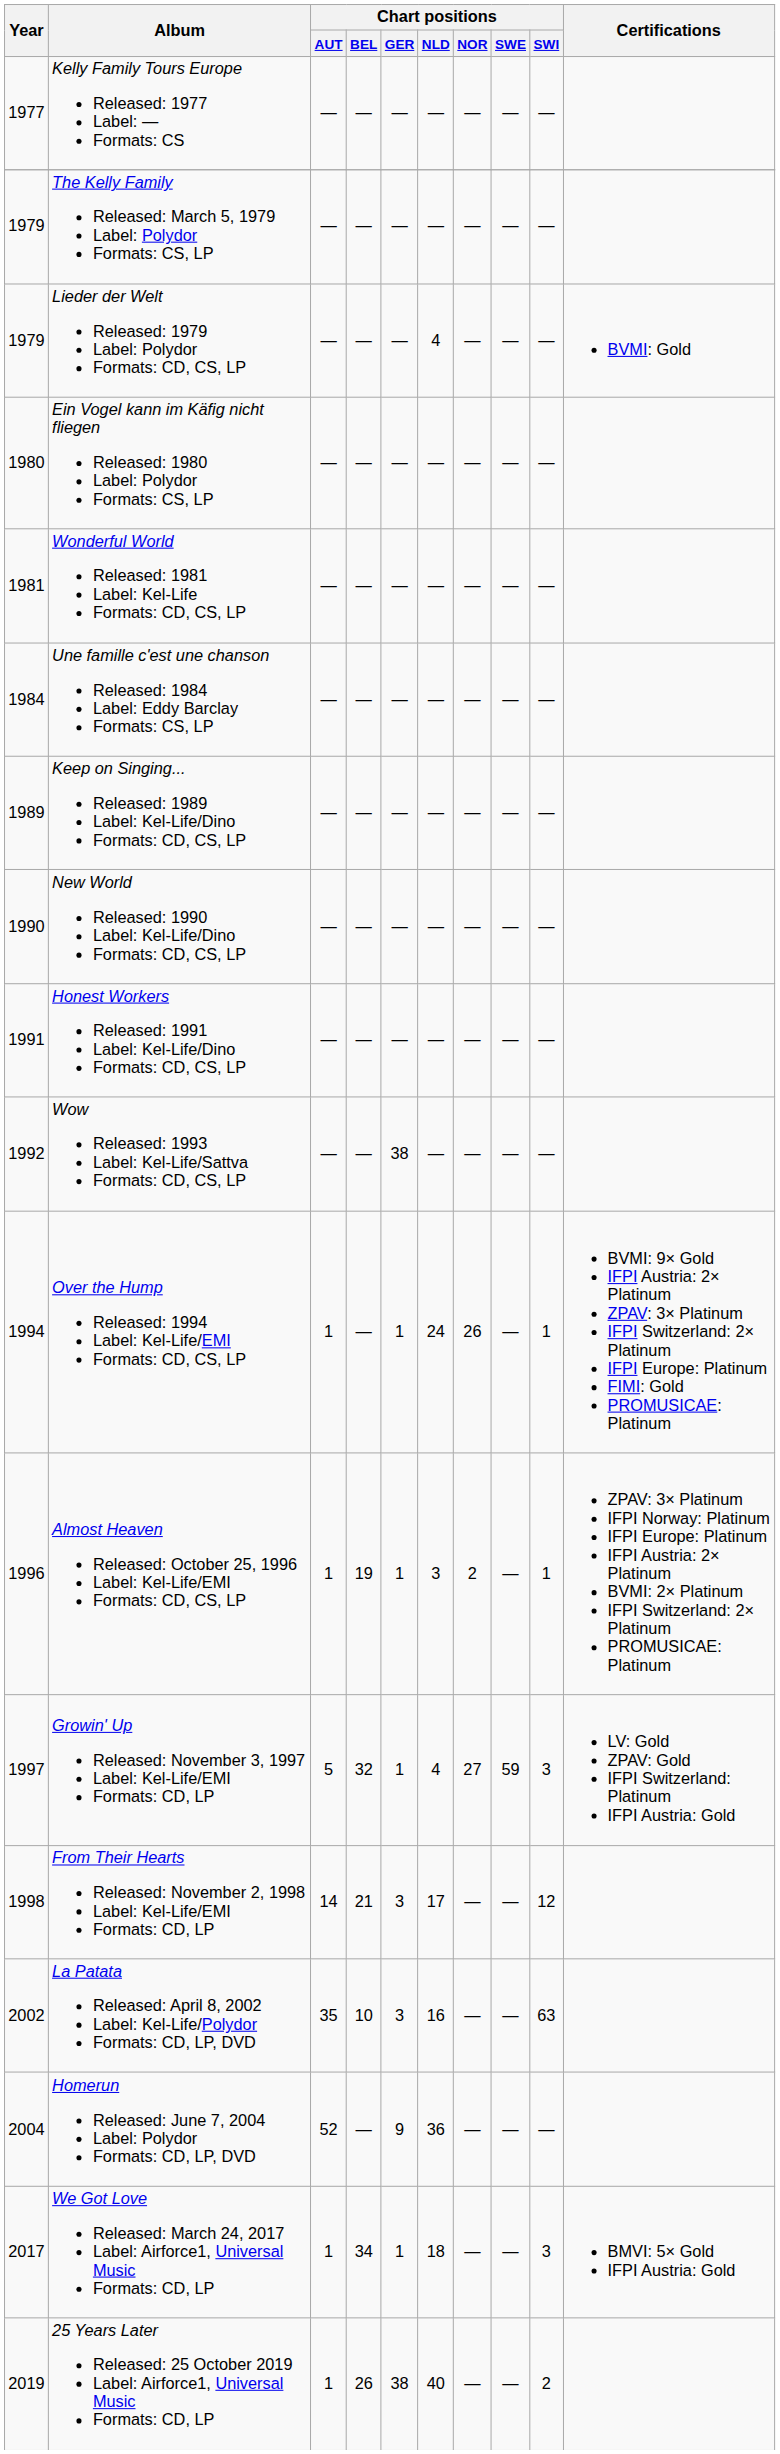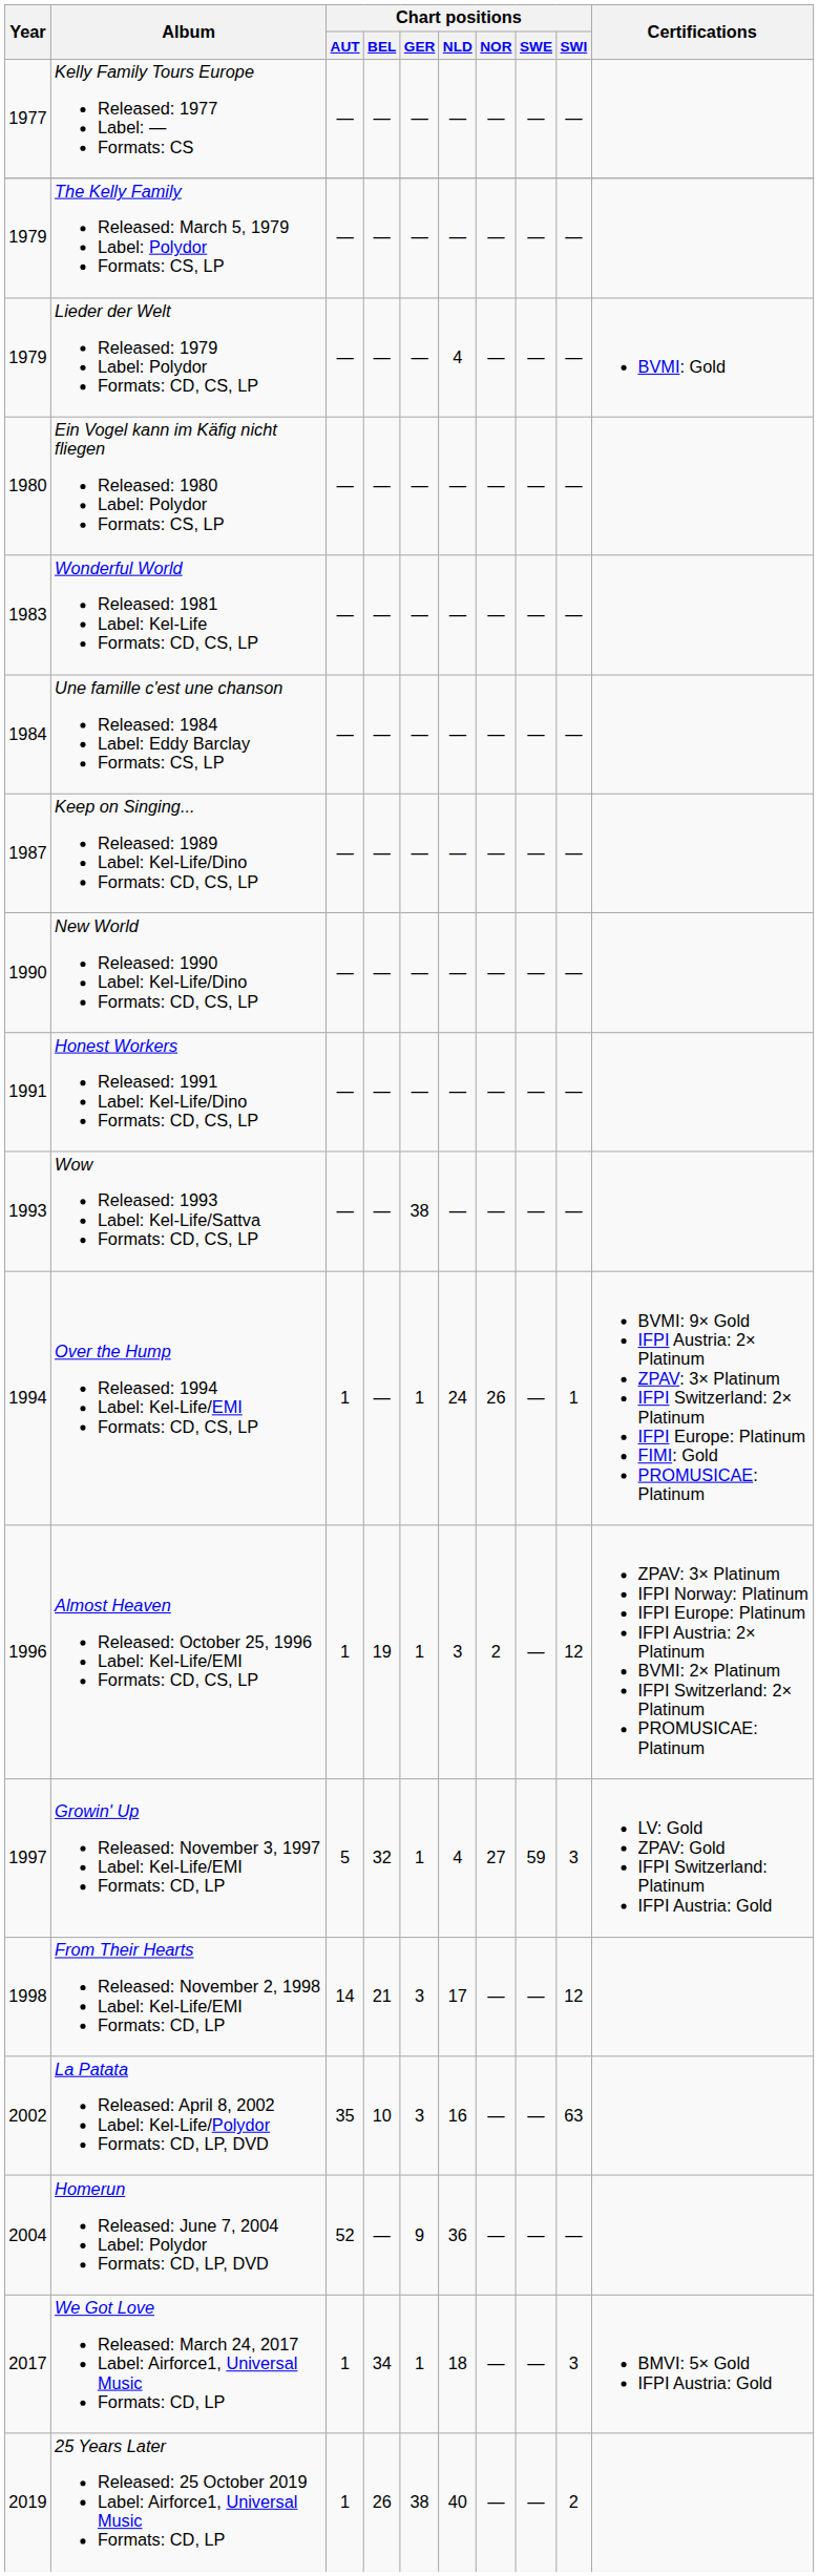 <table class="wikitable">
 <tr>
 <th width="20" rowspan="2">Year</th>
 <th width="250" rowspan="2">Album</th>
 <th colspan="7">Chart positions</th>
 <th width="200" rowspan="2">Certifications</th>
 </tr>
 <tr>
 <th width="25"><small><a href='#'>AUT</a></small><br></th>
 <th width="25"><small><a href='#'>BEL</a></small><br></th>
 <th width="25"><small><a href='#'>GER</a></small><br></th>
 <th width="25"><small><a href='#'>NLD</a></small><br></th>
 <th width="25"><small><a href='#'>NOR</a></small></th>
 <th width="25"><small><a href='#'>SWE</a></small></th>
 <th width="25"><small><a href='#'>SWI</a></small><br></th>
 </tr>
 <tr>
 <td>1977</td>
 <td><em>Kelly Family Tours Europe</em><br><ul><li>Released: 1977</li><li>Label: —</li><li>Formats: CS</li></ul></td>
 <td align="center">—</td>
 <td align="center">—</td>
 <td align="center">—</td>
 <td align="center">—</td>
 <td align="center">—</td>
 <td align="center">—</td>
 <td align="center">—</td>
 <td></td>
 </tr>
 <tr>
 </tr>
 <tr>
 <td>1979</td>
 <td><em><a href='#'>The Kelly Family</a></em><br><ul><li>Released: March 5, 1979</li><li>Label: <a href='#'>Polydor</a></li><li>Formats: CS, LP</li></ul></td>
 <td align="center">—</td>
 <td align="center">—</td>
 <td align="center">—</td>
 <td align="center">—</td>
 <td align="center">—</td>
 <td align="center">—</td>
 <td align="center">—</td>
 <td></td>
 </tr>
 <tr>
 <td>1979</td>
 <td><em>Lieder der Welt</em><br><ul><li>Released: 1979</li><li>Label: Polydor</li><li>Formats: CD, CS, LP</li></ul></td>
 <td align="center">—</td>
 <td align="center">—</td>
 <td align="center">—</td>
 <td align="center">4</td>
 <td align="center">—</td>
 <td align="center">—</td>
 <td align="center">—</td>
 <td><br><ul><li><a href='#'>BVMI</a>: Gold</li></ul></td>
 </tr>
 <tr>
 <td>1980</td>
 <td><em>Ein Vogel kann im Käfig nicht fliegen</em><br><ul><li>Released: 1980</li><li>Label: Polydor</li><li>Formats: CS, LP</li></ul></td>
 <td align="center">—</td>
 <td align="center">—</td>
 <td align="center">—</td>
 <td align="center">—</td>
 <td align="center">—</td>
 <td align="center">—</td>
 <td align="center">—</td>
 <td></td>
 </tr>
 <tr>
-<td>1981</td>
+<td>1983</td>
 <td><em><a href='#'>Wonderful World</a></em><br><ul><li>Released: 1981</li><li>Label: Kel-Life</li><li>Formats: CD, CS, LP</li></ul></td>
 <td align="center">—</td>
 <td align="center">—</td>
 <td align="center">—</td>
 <td align="center">—</td>
 <td align="center">—</td>
 <td align="center">—</td>
 <td align="center">—</td>
 <td></td>
 </tr>
 <tr>
 <td>1984</td>
 <td><em>Une famille c'est une chanson</em><br><ul><li>Released: 1984</li><li>Label: Eddy Barclay</li><li>Formats: CS, LP</li></ul></td>
 <td align="center">—</td>
 <td align="center">—</td>
 <td align="center">—</td>
 <td align="center">—</td>
 <td align="center">—</td>
 <td align="center">—</td>
 <td align="center">—</td>
 <td></td>
 </tr>
 <tr>
-<td>1989</td>
+<td>1987</td>
 <td><em>Keep on Singing...</em><br><ul><li>Released: 1989</li><li>Label: Kel-Life/Dino</li><li>Formats: CD, CS, LP</li></ul></td>
 <td align="center">—</td>
 <td align="center">—</td>
 <td align="center">—</td>
 <td align="center">—</td>
 <td align="center">—</td>
 <td align="center">—</td>
 <td align="center">—</td>
 <td></td>
 </tr>
 <tr>
 <td>1990</td>
 <td><em>New World</em><br><ul><li>Released: 1990</li><li>Label: Kel-Life/Dino</li><li>Formats: CD, CS, LP</li></ul></td>
 <td align="center">—</td>
 <td align="center">—</td>
 <td align="center">—</td>
 <td align="center">—</td>
 <td align="center">—</td>
 <td align="center">—</td>
 <td align="center">—</td>
 <td></td>
 </tr>
 <tr>
 <td>1991</td>
 <td><em><a href='#'>Honest Workers</a></em><br><ul><li>Released: 1991</li><li>Label: Kel-Life/Dino</li><li>Formats: CD, CS, LP</li></ul></td>
 <td align="center">—</td>
 <td align="center">—</td>
 <td align="center">—</td>
 <td align="center">—</td>
 <td align="center">—</td>
 <td align="center">—</td>
 <td align="center">—</td>
 <td></td>
 </tr>
 <tr>
-<td>1992</td>
+<td>1993</td>
 <td><em>Wow</em><br><ul><li>Released: 1993</li><li>Label: Kel-Life/Sattva</li><li>Formats: CD, CS, LP</li></ul></td>
 <td align="center">—</td>
 <td align="center">—</td>
 <td align="center">38</td>
 <td align="center">—</td>
 <td align="center">—</td>
 <td align="center">—</td>
 <td align="center">—</td>
 <td></td>
 </tr>
 <tr>
 <td>1994</td>
 <td><em><a href='#'>Over the Hump</a></em><br><ul><li>Released: 1994</li><li>Label: Kel-Life/<a href='#'>EMI</a></li><li>Formats: CD, CS, LP</li></ul></td>
 <td align="center">1</td>
 <td align="center">—</td>
 <td align="center">1</td>
 <td align="center">24</td>
 <td align="center">26</td>
 <td align="center">—</td>
 <td align="center">1</td>
 <td><br><ul><li>BVMI: 9× Gold</li><li><a href='#'>IFPI</a> Austria: 2× Platinum</li><li><a href='#'>ZPAV</a>: 3× Platinum</li><li><a href='#'>IFPI</a> Switzerland: 2× Platinum</li><li><a href='#'>IFPI</a> Europe: Platinum</li><li><a href='#'>FIMI</a>: Gold</li><li><a href='#'>PROMUSICAE</a>: Platinum</li></ul></td>
 </tr>
 <tr>
 <td>1996</td>
 <td><em><a href='#'>Almost Heaven</a></em><br><ul><li>Released: October 25, 1996</li><li>Label: Kel-Life/EMI</li><li>Formats: CD, CS, LP</li></ul></td>
 <td align="center">1</td>
 <td align="center">19</td>
 <td align="center">1</td>
 <td align="center">3</td>
 <td align="center">2</td>
 <td align="center">—</td>
-<td align="center">1</td>
+<td align="center">12</td>
 <td><br><ul><li>ZPAV: 3× Platinum</li><li>IFPI Norway: Platinum</li><li>IFPI Europe: Platinum</li><li>IFPI Austria: 2× Platinum</li><li>BVMI: 2× Platinum</li><li>IFPI Switzerland: 2× Platinum</li><li>PROMUSICAE: Platinum</li></ul></td>
 </tr>
 <tr>
 <td>1997</td>
 <td><em><a href='#'>Growin' Up</a></em><br><ul><li>Released: November 3, 1997</li><li>Label: Kel-Life/EMI</li><li>Formats: CD, LP</li></ul></td>
 <td align="center">5</td>
 <td align="center">32</td>
 <td align="center">1</td>
 <td align="center">4</td>
 <td align="center">27</td>
 <td align="center">59</td>
 <td align="center">3</td>
 <td><br><ul><li>LV: Gold </li><li>ZPAV: Gold</li><li>IFPI Switzerland: Platinum</li><li>IFPI Austria: Gold</li></ul></td>
 </tr>
 <tr>
 <td>1998</td>
 <td><em><a href='#'>From Their Hearts</a></em><br><ul><li>Released: November 2, 1998</li><li>Label: Kel-Life/EMI</li><li>Formats: CD, LP</li></ul></td>
 <td align="center">14</td>
 <td align="center">21</td>
 <td align="center">3</td>
 <td align="center">17</td>
 <td align="center">—</td>
 <td align="center">—</td>
 <td align="center">12</td>
 <td></td>
 </tr>
 <tr>
 <td>2002</td>
 <td><em><a href='#'>La Patata</a></em><br><ul><li>Released: April 8, 2002</li><li>Label: Kel-Life/<a href='#'>Polydor</a></li><li>Formats: CD, LP, DVD</li></ul></td>
 <td align="center">35</td>
 <td align="center">10</td>
 <td align="center">3</td>
 <td align="center">16</td>
 <td align="center">—</td>
 <td align="center">—</td>
 <td align="center">63</td>
 <td></td>
 </tr>
 <tr>
 <td>2004</td>
 <td><em><a href='#'>Homerun</a></em><br><ul><li>Released: June 7, 2004</li><li>Label: Polydor</li><li>Formats: CD, LP, DVD</li></ul></td>
 <td align="center">52</td>
 <td align="center">—</td>
 <td align="center">9</td>
 <td align="center">36</td>
 <td align="center">—</td>
 <td align="center">—</td>
 <td align="center">—</td>
 <td></td>
 </tr>
 <tr>
 <td>2017</td>
 <td><em><a href='#'>We Got Love</a></em><br><ul><li>Released: March 24, 2017</li><li>Label: Airforce1, <a href='#'>Universal Music</a></li><li>Formats: CD, LP</li></ul></td>
 <td align="center">1</td>
 <td align="center">34</td>
 <td align="center">1</td>
 <td align="center">18</td>
 <td align="center">—</td>
 <td align="center">—</td>
 <td align="center">3</td>
 <td><br><ul><li>BMVI: 5× Gold</li><li>IFPI Austria: Gold</li></ul></td>
 </tr>
 <tr>
 <td>2019</td>
 <td><em>25 Years Later</em><br><ul><li>Released: 25 October 2019</li><li>Label: Airforce1, <a href='#'>Universal Music</a></li><li>Formats: CD, LP</li></ul></td>
 <td align="center">1</td>
 <td align="center">26</td>
 <td align="center">38</td>
 <td align="center">40</td>
 <td align="center">—</td>
 <td align="center">—</td>
 <td align="center">2</td>
 <td></td>
 </tr>
 </table>
